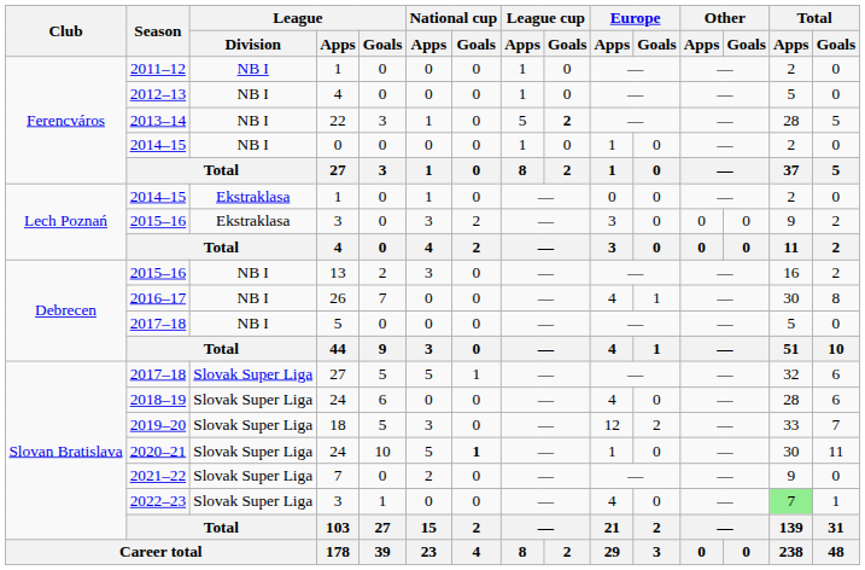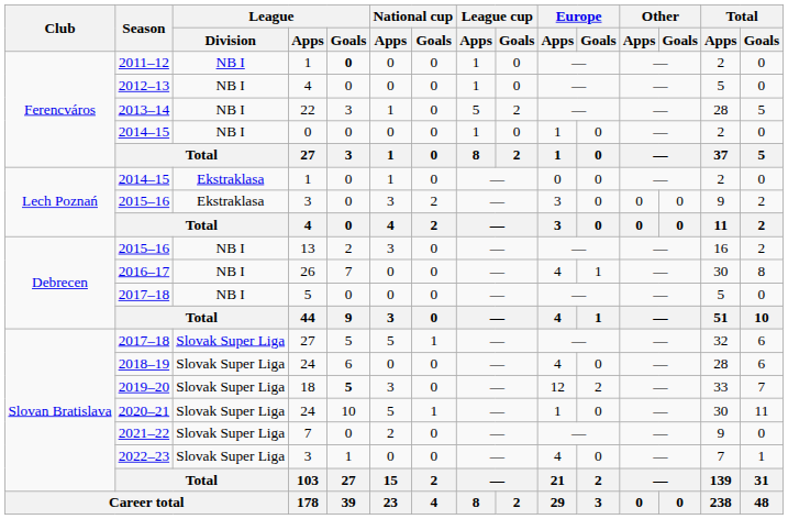 <table class="wikitable" style="text-align: center;">
 <tr>
 <th rowspan="2">Club</th>
 <th rowspan="2">Season</th>
 <th colspan="3">League</th>
 <th colspan="2">National cup</th>
 <th colspan="2">League cup</th>
 <th colspan="2"><a href='#'>Europe</a></th>
 <th colspan="2">Other</th>
 <th colspan="2">Total</th>
 </tr>
 <tr>
 <th>Division</th>
 <th>Apps</th>
 <th>Goals</th>
 <th>Apps</th>
 <th>Goals</th>
 <th>Apps</th>
 <th>Goals</th>
 <th>Apps</th>
 <th>Goals</th>
 <th>Apps</th>
 <th>Goals</th>
 <th>Apps</th>
 <th>Goals</th>
 </tr>
 <tr>
 <td rowspan="5"><a href='#'>Ferencváros</a></td>
 <td><a href='#'>2011–12</a></td>
 <td><a href='#'>NB I</a></td>
 <td>1</td>
-<td>0</td>
+<td><strong>0</strong></td>
 <td>0</td>
 <td>0</td>
 <td>1</td>
 <td>0</td>
 <td colspan="2">—</td>
 <td colspan="2">—</td>
 <td>2</td>
 <td>0</td>
 </tr>
 <tr>
 <td><a href='#'>2012–13</a></td>
 <td>NB I</td>
 <td>4</td>
 <td>0</td>
 <td>0</td>
 <td>0</td>
 <td>1</td>
 <td>0</td>
 <td colspan="2">—</td>
 <td colspan="2">—</td>
 <td>5</td>
 <td>0</td>
 </tr>
 <tr>
 <td><a href='#'>2013–14</a></td>
 <td>NB I</td>
 <td>22</td>
 <td>3</td>
 <td>1</td>
 <td>0</td>
 <td>5</td>
-<td><strong>2</strong></td>
+<td>2</td>
 <td colspan="2">—</td>
 <td colspan="2">—</td>
 <td>28</td>
 <td>5</td>
 </tr>
 <tr>
 <td><a href='#'>2014–15</a></td>
 <td>NB I</td>
 <td>0</td>
 <td>0</td>
 <td>0</td>
 <td>0</td>
 <td>1</td>
 <td>0</td>
 <td>1</td>
 <td>0</td>
 <td colspan="2">—</td>
 <td>2</td>
 <td>0</td>
 </tr>
 <tr>
 <th colspan="2">Total</th>
 <th>27</th>
 <th>3</th>
 <th>1</th>
 <th>0</th>
 <th>8</th>
 <th>2</th>
 <th>1</th>
 <th>0</th>
 <th colspan="2">—</th>
 <th>37</th>
 <th>5</th>
 </tr>
 <tr>
 <td rowspan="3"><a href='#'>Lech Poznań</a></td>
 <td><a href='#'>2014–15</a></td>
 <td><a href='#'>Ekstraklasa</a></td>
 <td>1</td>
 <td>0</td>
 <td>1</td>
 <td>0</td>
 <td colspan="2">—</td>
 <td>0</td>
 <td>0</td>
 <td colspan="2">—</td>
 <td>2</td>
 <td>0</td>
 </tr>
 <tr>
 <td><a href='#'>2015–16</a></td>
 <td>Ekstraklasa</td>
 <td>3</td>
 <td>0</td>
 <td>3</td>
 <td>2</td>
 <td colspan="2">—</td>
 <td>3</td>
 <td>0</td>
 <td>0</td>
 <td>0</td>
 <td>9</td>
 <td>2</td>
 </tr>
 <tr>
 <th colspan="2">Total</th>
 <th>4</th>
 <th>0</th>
 <th>4</th>
 <th>2</th>
 <th colspan="2">—</th>
 <th>3</th>
 <th>0</th>
 <th>0</th>
 <th>0</th>
 <th>11</th>
 <th>2</th>
 </tr>
 <tr>
 <td rowspan="4"><a href='#'>Debrecen</a></td>
 <td><a href='#'>2015–16</a></td>
 <td>NB I</td>
 <td>13</td>
 <td>2</td>
 <td>3</td>
 <td>0</td>
 <td colspan="2">—</td>
 <td colspan="2">—</td>
 <td colspan="2">—</td>
 <td>16</td>
 <td>2</td>
 </tr>
 <tr>
 <td><a href='#'>2016–17</a></td>
 <td>NB I</td>
 <td>26</td>
 <td>7</td>
 <td>0</td>
 <td>0</td>
 <td colspan="2">—</td>
 <td>4</td>
 <td>1</td>
 <td colspan="2">—</td>
 <td>30</td>
 <td>8</td>
 </tr>
 <tr>
 <td><a href='#'>2017–18</a></td>
 <td>NB I</td>
 <td>5</td>
 <td>0</td>
 <td>0</td>
 <td>0</td>
 <td colspan="2">—</td>
 <td colspan="2">—</td>
 <td colspan="2">—</td>
 <td>5</td>
 <td>0</td>
 </tr>
 <tr>
 <th colspan="2">Total</th>
 <th>44</th>
 <th>9</th>
 <th>3</th>
 <th>0</th>
 <th colspan="2">—</th>
 <th>4</th>
 <th>1</th>
 <th colspan="2">—</th>
 <th>51</th>
 <th>10</th>
 </tr>
 <tr>
 <td rowspan="7"><a href='#'>Slovan Bratislava</a></td>
 <td><a href='#'>2017–18</a></td>
 <td><a href='#'>Slovak Super Liga</a></td>
 <td>27</td>
 <td>5</td>
 <td>5</td>
 <td>1</td>
 <td colspan="2">—</td>
 <td colspan="2">—</td>
 <td colspan="2">—</td>
 <td>32</td>
 <td>6</td>
 </tr>
 <tr>
 <td><a href='#'>2018–19</a></td>
 <td>Slovak Super Liga</td>
 <td>24</td>
 <td>6</td>
 <td>0</td>
 <td>0</td>
 <td colspan="2">—</td>
 <td>4</td>
 <td>0</td>
 <td colspan="2">—</td>
 <td>28</td>
 <td>6</td>
 </tr>
 <tr>
 <td><a href='#'>2019–20</a></td>
 <td>Slovak Super Liga</td>
 <td>18</td>
-<td>5</td>
+<td><strong>5</strong></td>
 <td>3</td>
 <td>0</td>
 <td colspan="2">—</td>
 <td>12</td>
 <td>2</td>
 <td colspan="2">—</td>
 <td>33</td>
 <td>7</td>
 </tr>
 <tr>
 <td><a href='#'>2020–21</a></td>
 <td>Slovak Super Liga</td>
 <td>24</td>
 <td>10</td>
 <td>5</td>
-<td><strong>1</strong></td>
+<td>1</td>
 <td colspan="2">—</td>
 <td>1</td>
 <td>0</td>
 <td colspan="2">—</td>
 <td>30</td>
 <td>11</td>
 </tr>
 <tr>
 <td><a href='#'>2021–22</a></td>
 <td>Slovak Super Liga</td>
 <td>7</td>
 <td>0</td>
 <td>2</td>
 <td>0</td>
 <td colspan="2">—</td>
 <td colspan="2">—</td>
 <td colspan="2">—</td>
 <td>9</td>
 <td>0</td>
 </tr>
 <tr>
 <td><a href='#'>2022–23</a></td>
 <td>Slovak Super Liga</td>
 <td>3</td>
 <td>1</td>
 <td>0</td>
 <td>0</td>
 <td colspan="2">—</td>
 <td>4</td>
 <td>0</td>
 <td colspan="2">—</td>
-<td style="background: lightgreen;">7</td>
+<td>7</td>
 <td>1</td>
 </tr>
 <tr>
 <th colspan="2">Total</th>
 <th>103</th>
 <th>27</th>
 <th>15</th>
 <th>2</th>
 <th colspan="2">—</th>
 <th>21</th>
 <th>2</th>
 <th colspan="2">—</th>
 <th>139</th>
 <th>31</th>
 </tr>
 <tr>
 <th colspan="3">Career total</th>
 <th>178</th>
 <th>39</th>
 <th>23</th>
 <th>4</th>
 <th>8</th>
 <th>2</th>
 <th>29</th>
 <th>3</th>
 <th>0</th>
 <th>0</th>
 <th>238</th>
 <th>48</th>
 </tr>
 </table>
